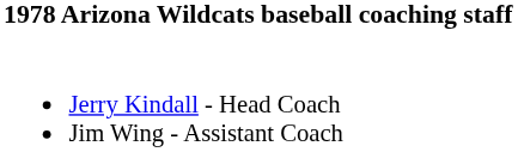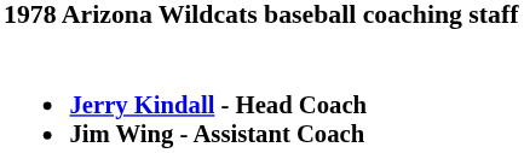 <table class="toccolours">
 <tr>
 <th colspan="9">1978 Arizona Wildcats baseball coaching staff</th>
 </tr>
 <tr>
-<td style="text-align: left; font-size: 95%;" valign="top"><br><ul><li><a href='#'>Jerry Kindall</a> - Head Coach</li><li>Jim Wing - Assistant Coach</li></ul></td>
+<td style="text-align: left; font-size: 95%;" valign="top"><strong><br><ul><li><a href='#'>Jerry Kindall</a> - Head Coach</li><li>Jim Wing - Assistant Coach</li></ul></strong></td>
 </tr>
 </table>
